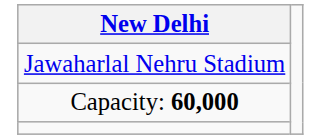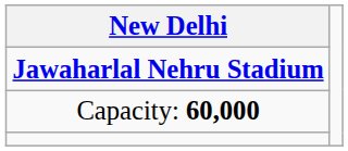 <table class="wikitable" style="text-align:center;margin:1em auto;">
 <tr>
 <th><a href='#'>New Delhi</a></th>
 <td rowspan="4"></td>
 </tr>
 <tr>
-<td><a href='#'>Jawaharlal Nehru Stadium</a></td>
+<td><strong><a href='#'>Jawaharlal Nehru Stadium</a></strong></td>
 </tr>
 <tr>
 <td>Capacity: <strong>60,000</strong></td>
 </tr>
 <tr>
 <td></td>
 </tr>
 </table>
